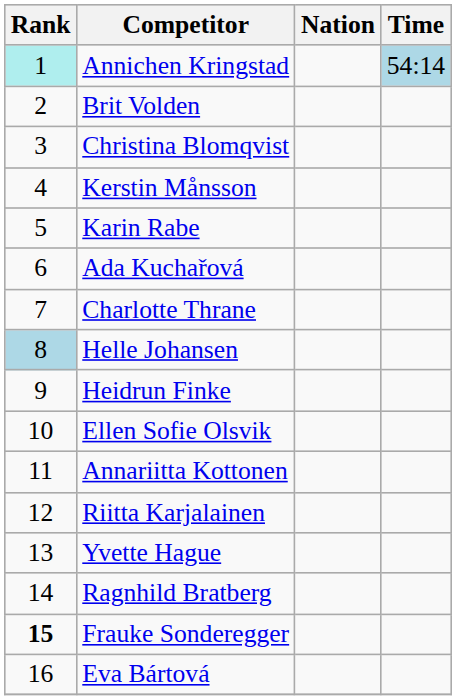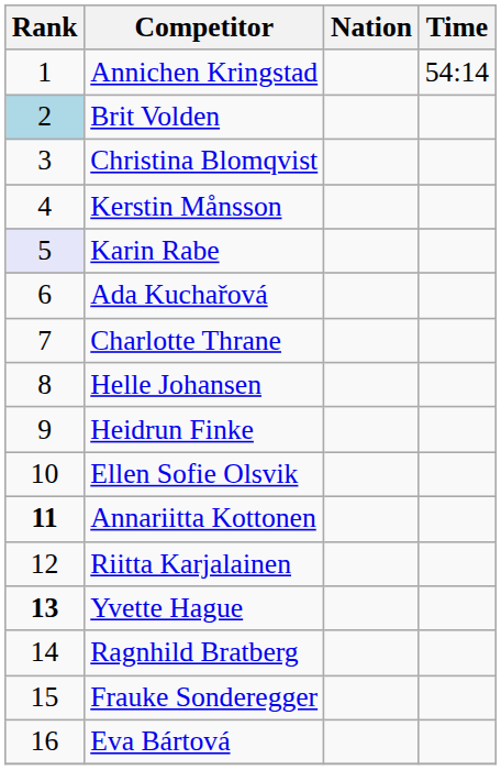 <table class="wikitable sortable" style="text-align:left">
 <tr>
 <th data-sort-type="number">Rank</th>
 <th class="unsortable">Competitor</th>
 <th>Nation</th>
 <th>Time</th>
 </tr>
 <tr>
-<td style="background: paleturquoise; text-align:center">1</td>
+<td style="text-align:center">1</td>
 <td><a href='#'>Annichen Kringstad</a></td>
 <td></td>
-<td style="background: lightblue; text-align:right">54:14</td>
+<td style="text-align:right">54:14</td>
 </tr>
 <tr>
-<td style="text-align:center">2</td>
+<td style="background: lightblue; text-align:center">2</td>
 <td><a href='#'>Brit Volden</a></td>
 <td></td>
 <td style="text-align:right"></td>
 </tr>
 <tr>
 <td style="text-align:center">3</td>
 <td><a href='#'>Christina Blomqvist</a></td>
 <td></td>
 <td style="text-align:right"></td>
 </tr>
 <tr>
 <td style="text-align:center">4</td>
 <td><a href='#'>Kerstin Månsson</a></td>
 <td></td>
 <td style="text-align:right"></td>
 </tr>
 <tr>
-<td style="text-align:center">5</td>
+<td style="background: lavender; text-align:center">5</td>
 <td><a href='#'>Karin Rabe</a></td>
 <td></td>
 <td style="text-align:right"></td>
 </tr>
 <tr>
 <td style="text-align:center">6</td>
 <td><a href='#'>Ada Kuchařová</a></td>
 <td></td>
 <td style="text-align:right"></td>
 </tr>
 <tr>
 <td style="text-align:center">7</td>
 <td><a href='#'>Charlotte Thrane</a></td>
 <td></td>
 <td style="text-align:right"></td>
 </tr>
 <tr>
-<td style="background: lightblue; text-align:center">8</td>
+<td style="text-align:center">8</td>
 <td><a href='#'>Helle Johansen</a></td>
 <td></td>
 <td style="text-align:right"></td>
 </tr>
 <tr>
 <td style="text-align:center">9</td>
 <td><a href='#'>Heidrun Finke</a></td>
 <td></td>
 <td style="text-align:right"></td>
 </tr>
 <tr>
 <td style="text-align:center">10</td>
 <td><a href='#'>Ellen Sofie Olsvik</a></td>
 <td></td>
 <td style="text-align:right"></td>
 </tr>
 <tr>
-<td style="text-align:center">11</td>
+<td style="text-align:center"><strong>11</strong></td>
 <td><a href='#'>Annariitta Kottonen</a></td>
 <td></td>
 <td style="text-align:right"></td>
 </tr>
 <tr>
 <td style="text-align:center">12</td>
 <td><a href='#'>Riitta Karjalainen</a></td>
 <td></td>
 <td style="text-align:right"></td>
 </tr>
 <tr>
-<td style="text-align:center">13</td>
+<td style="text-align:center"><strong>13</strong></td>
 <td><a href='#'>Yvette Hague</a></td>
 <td></td>
 <td style="text-align:right"></td>
 </tr>
 <tr>
 <td style="text-align:center">14</td>
 <td><a href='#'>Ragnhild Bratberg</a></td>
 <td></td>
 <td style="text-align:right"></td>
 </tr>
 <tr>
-<td style="text-align:center"><strong>15</strong></td>
+<td style="text-align:center">15</td>
 <td><a href='#'>Frauke Sonderegger</a></td>
 <td></td>
 <td style="text-align:right"></td>
 </tr>
 <tr>
 <td style="text-align:center">16</td>
 <td><a href='#'>Eva Bártová</a></td>
 <td></td>
 <td style="text-align:right"></td>
 </tr>
 <tr>
 </tr>
 </table>
